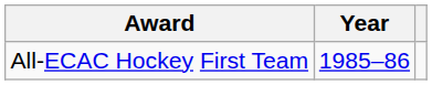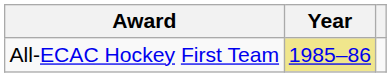 <table class="wikitable">
 <tr>
 <th>Award</th>
 <th>Year</th>
 <th></th>
 </tr>
 <tr>
 <td>All-<a href='#'>ECAC Hockey</a> <a href='#'>First Team</a></td>
-<td><a href='#'>1985–86</a></td>
+<td style="background: khaki;"><a href='#'>1985–86</a></td>
 <td></td>
 </tr>
 </table>
